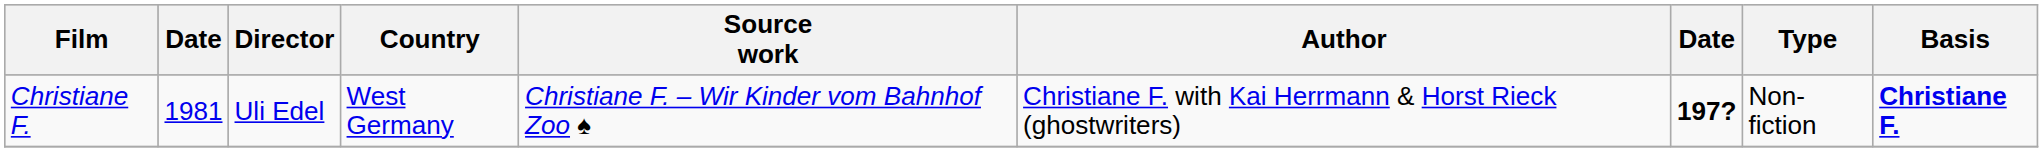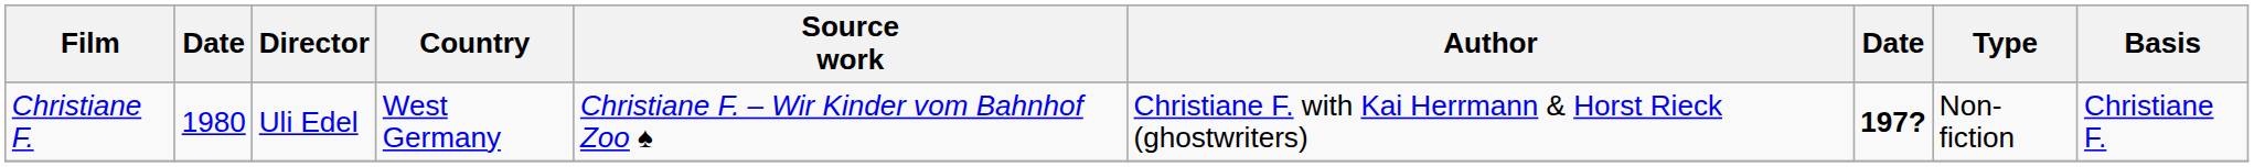 <table class="wikitable">
 <tr>
 <th>Film</th>
 <th>Date</th>
 <th>Director</th>
 <th>Country</th>
 <th>Source<br>work</th>
 <th>Author</th>
 <th>Date</th>
 <th>Type</th>
 <th>Basis</th>
 </tr>
 <tr>
 <td><em><a href='#'>Christiane F.</a></em></td>
-<td><a href='#'>1981</a></td>
+<td><a href='#'>1980</a></td>
 <td><a href='#'>Uli Edel</a></td>
 <td><a href='#'>West Germany</a></td>
 <td><em><a href='#'>Christiane F. – Wir Kinder vom Bahnhof Zoo</a></em> ♠</td>
 <td><a href='#'>Christiane F.</a> with <a href='#'>Kai Herrmann</a> & <a href='#'>Horst Rieck</a> (ghostwriters)</td>
 <td><strong>197?</strong></td>
 <td>Non-fiction</td>
-<td><strong><a href='#'>Christiane F.</a></strong></td>
+<td><a href='#'>Christiane F.</a></td>
 </tr>
 <tr>
 </tr>
 </table>
